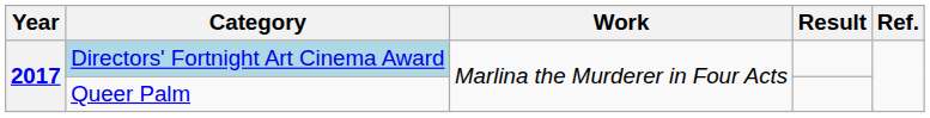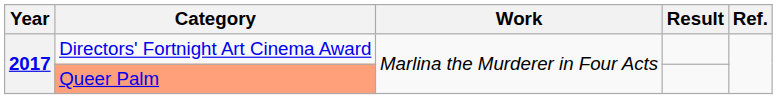 <table class="wikitable plainrowheaders sortable">
 <tr>
 <th>Year</th>
 <th>Category</th>
 <th>Work</th>
 <th>Result</th>
 <th class="unsortable">Ref.</th>
 </tr>
 <tr>
 <th rowspan="2"><a href='#'>2017</a></th>
-<td style="background: lightblue;"><a href='#'>Directors' Fortnight Art Cinema Award</a></td>
+<td><a href='#'>Directors' Fortnight Art Cinema Award</a></td>
 <td rowspan="2"><em>Marlina the Murderer in Four Acts</em></td>
 <td></td>
 <td rowspan="2"></td>
 </tr>
 <tr>
-<td><a href='#'>Queer Palm</a></td>
+<td style="background: lightsalmon;"><a href='#'>Queer Palm</a></td>
 <td></td>
 </tr>
 </table>
